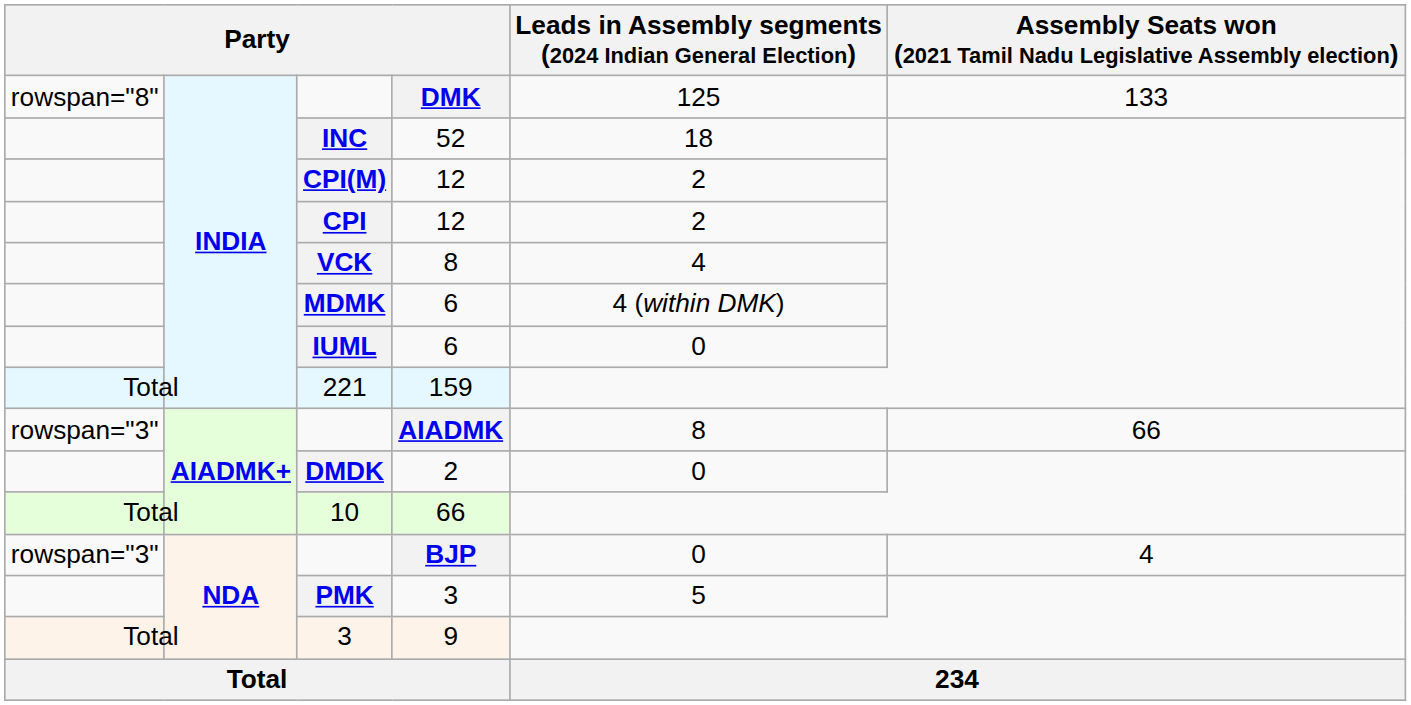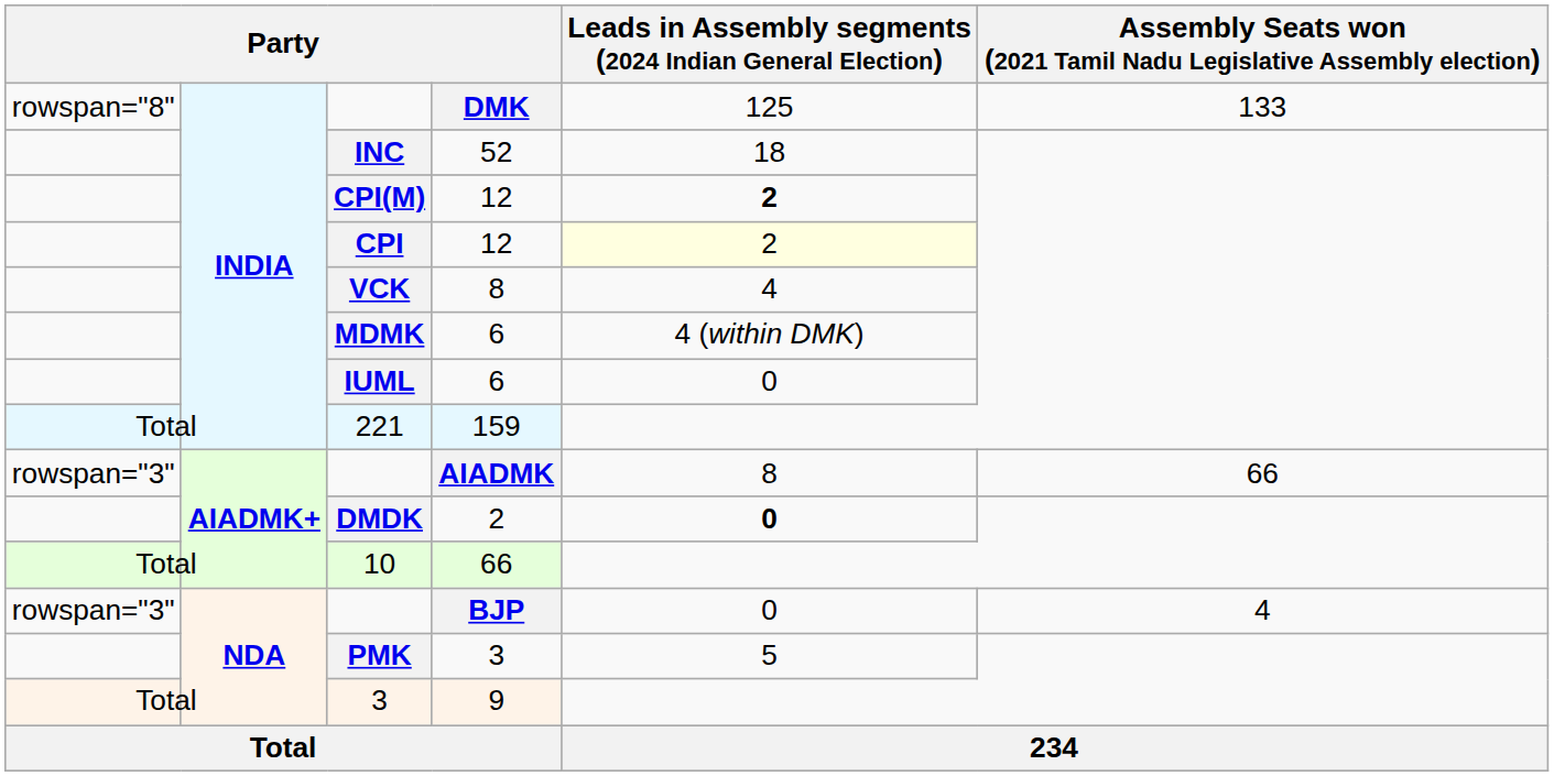 <table class="wikitable" style="text-align:center">
 <tr>
 <th colspan=4>Party</th>
 <th>Leads in Assembly segments<br>(<small>2024 Indian General Election</small>)</th>
 <th>Assembly Seats won<br>(<small>2021 Tamil Nadu Legislative Assembly election</small>)</th>
 </tr>
 <tr>
 <td>rowspan="8" </td>
 <th rowspan="8"style="background:#E5F8FF"><a href='#'>INDIA</a></th>
 <td></td>
 <th><a href='#'> DMK</a></th>
 <td>125</td>
 <td>133</td>
 </tr>
 <tr>
 <td></td>
 <th><a href='#'>INC</a></th>
 <td>52</td>
 <td>18</td>
 </tr>
 <tr>
 <td></td>
 <th><a href='#'>CPI(M)</a></th>
 <td>12</td>
-<td>2</td>
+<td><strong>2</strong></td>
 </tr>
 <tr>
 <td></td>
 <th><a href='#'>CPI</a></th>
 <td>12</td>
-<td>2</td>
+<td style="background: lightyellow;">2</td>
 </tr>
 <tr>
 <td></td>
 <th><a href='#'>VCK</a></th>
 <td>8</td>
 <td>4</td>
 </tr>
 <tr>
 <td></td>
 <th><a href='#'>MDMK</a></th>
 <td>6</td>
 <td>4 (<em>within DMK</em>)</td>
 </tr>
 <tr>
 <td></td>
 <th><a href='#'>IUML</a></th>
 <td>6</td>
 <td>0</td>
 </tr>
 <tr>
 <td colspan="2"style="background:#E5F8FF">Total</td>
 <td style="background:#E5F8FF">221</td>
 <td style="background:#E5F8FF">159</td>
 </tr>
 <tr>
 <td>rowspan="3" </td>
 <th rowspan="3"style="background:#E5FFDA"><a href='#'>AIADMK+</a></th>
 <td></td>
 <th><a href='#'>AIADMK</a></th>
 <td>8</td>
 <td>66</td>
 </tr>
 <tr>
 <td></td>
 <th><a href='#'>DMDK</a></th>
 <td>2</td>
-<td>0</td>
+<td><strong>0</strong></td>
 </tr>
 <tr>
 <td colspan="2"style="background:#E5FFDA">Total</td>
 <td style="background:#E5FFDA">10</td>
 <td style="background:#E5FFDA">66</td>
 </tr>
 <tr>
 <td>rowspan="3" </td>
 <th rowspan="3"style="background:#fef3e8"><a href='#'>NDA</a></th>
 <td></td>
 <th><a href='#'>BJP</a></th>
 <td>0</td>
 <td>4</td>
 </tr>
 <tr>
 <td></td>
 <th><a href='#'>PMK</a></th>
 <td>3</td>
 <td>5</td>
 </tr>
 <tr>
 <td colspan="2"style="background:#fef3e8">Total</td>
 <td style="background:#fef3e8">3</td>
 <td style="background:#fef3e8">9</td>
 </tr>
 <tr>
 <th colspan="4">Total</th>
 <th colspan=2>234</th>
 </tr>
 </table>
